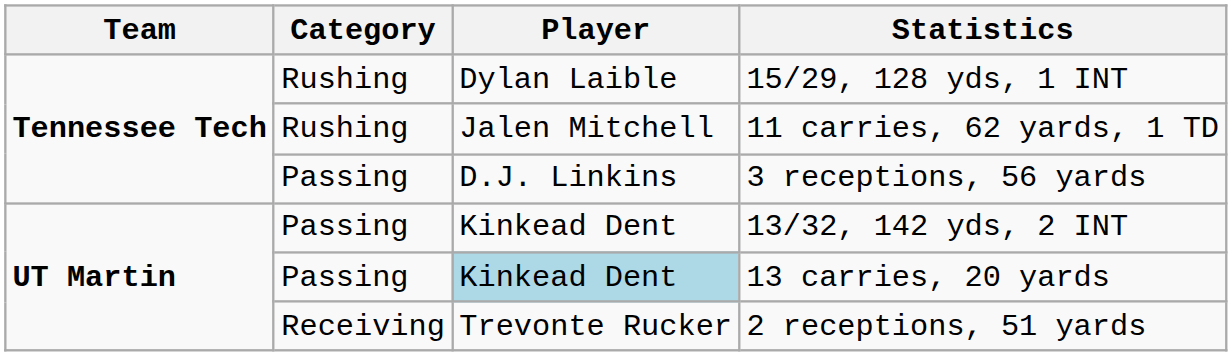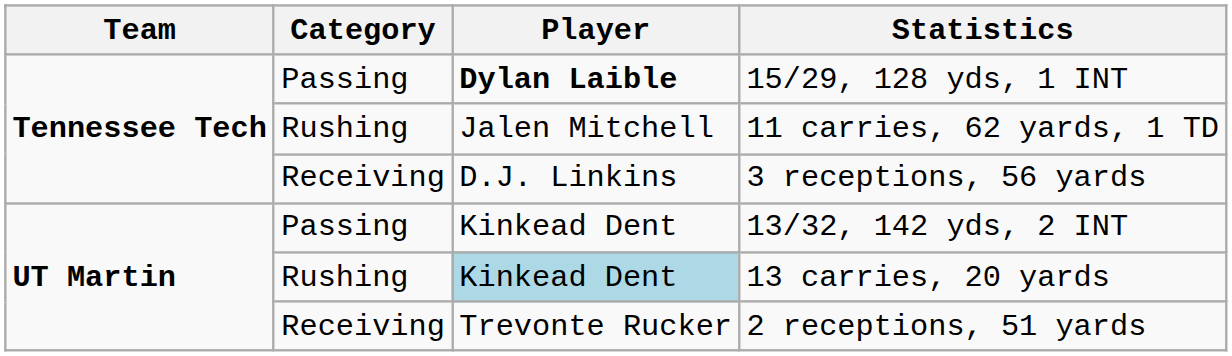 <table class="wikitable" style="float: right;">
 <tr>
 <th>Team</th>
 <th>Category</th>
 <th>Player</th>
 <th>Statistics</th>
 </tr>
 <tr>
 <td rowspan=3><strong>Tennessee Tech</strong></td>
-<td>Rushing</td>
-<td>Dylan Laible</td>
+<td>Passing</td>
+<td><strong>Dylan Laible</strong></td>
 <td>15/29, 128 yds, 1 INT</td>
 </tr>
 <tr>
 <td>Rushing</td>
 <td>Jalen Mitchell</td>
 <td>11 carries, 62 yards, 1 TD</td>
 </tr>
 <tr>
-<td>Passing</td>
+<td>Receiving</td>
 <td>D.J. Linkins</td>
 <td>3 receptions, 56 yards</td>
 </tr>
 <tr>
 <td rowspan=3><strong>UT Martin</strong></td>
 <td>Passing</td>
 <td>Kinkead Dent</td>
 <td>13/32, 142 yds, 2 INT</td>
 </tr>
 <tr>
-<td>Passing</td>
+<td>Rushing</td>
 <td style="background: lightblue;">Kinkead Dent</td>
 <td>13 carries, 20 yards</td>
 </tr>
 <tr>
 <td>Receiving</td>
 <td>Trevonte Rucker</td>
 <td>2 receptions, 51 yards</td>
 </tr>
 </table>
